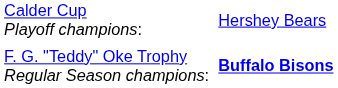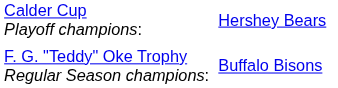 <table cellpadding="3" cellspacing="3">
 <tr>
 <td><a href='#'>Calder Cup</a><br><em>Playoff champions</em>:</td>
 <td><a href='#'>Hershey Bears</a></td>
 </tr>
 <tr>
 <td><a href='#'>F. G. "Teddy" Oke Trophy</a><br><em>Regular Season champions</em>:</td>
-<td><strong><a href='#'>Buffalo Bisons</a></strong></td>
+<td><a href='#'>Buffalo Bisons</a></td>
 </tr>
 </table>
